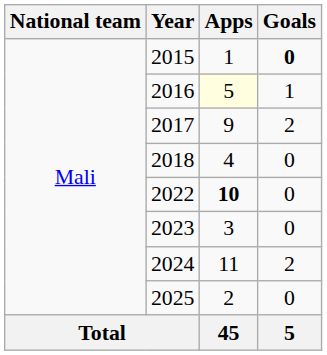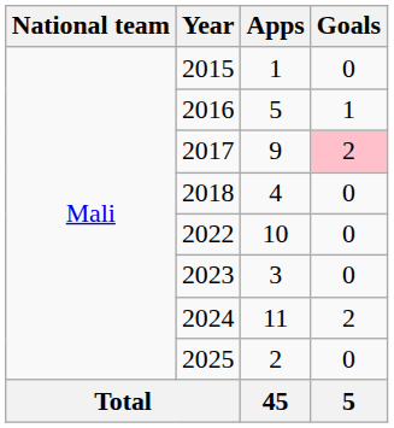 <table class="wikitable" style="text-align:center">
 <tr>
 <th>National team</th>
 <th>Year</th>
 <th>Apps</th>
 <th>Goals</th>
 </tr>
 <tr>
 <td rowspan="8"><a href='#'>Mali</a></td>
 <td>2015</td>
 <td>1</td>
-<td><strong>0</strong></td>
+<td>0</td>
 </tr>
 <tr>
 <td>2016</td>
-<td style="background: lightyellow;">5</td>
+<td>5</td>
 <td>1</td>
 </tr>
 <tr>
 <td>2017</td>
 <td>9</td>
-<td>2</td>
+<td style="background: pink;">2</td>
 </tr>
 <tr>
 <td>2018</td>
 <td>4</td>
 <td>0</td>
 </tr>
 <tr>
 <td>2022</td>
-<td><strong>10</strong></td>
+<td>10</td>
 <td>0</td>
 </tr>
 <tr>
 <td>2023</td>
 <td>3</td>
 <td>0</td>
 </tr>
 <tr>
 <td>2024</td>
 <td>11</td>
 <td>2</td>
 </tr>
 <tr>
 <td>2025</td>
 <td>2</td>
 <td>0</td>
 </tr>
 <tr>
 <th colspan="2">Total</th>
 <th>45</th>
 <th>5</th>
 </tr>
 </table>
